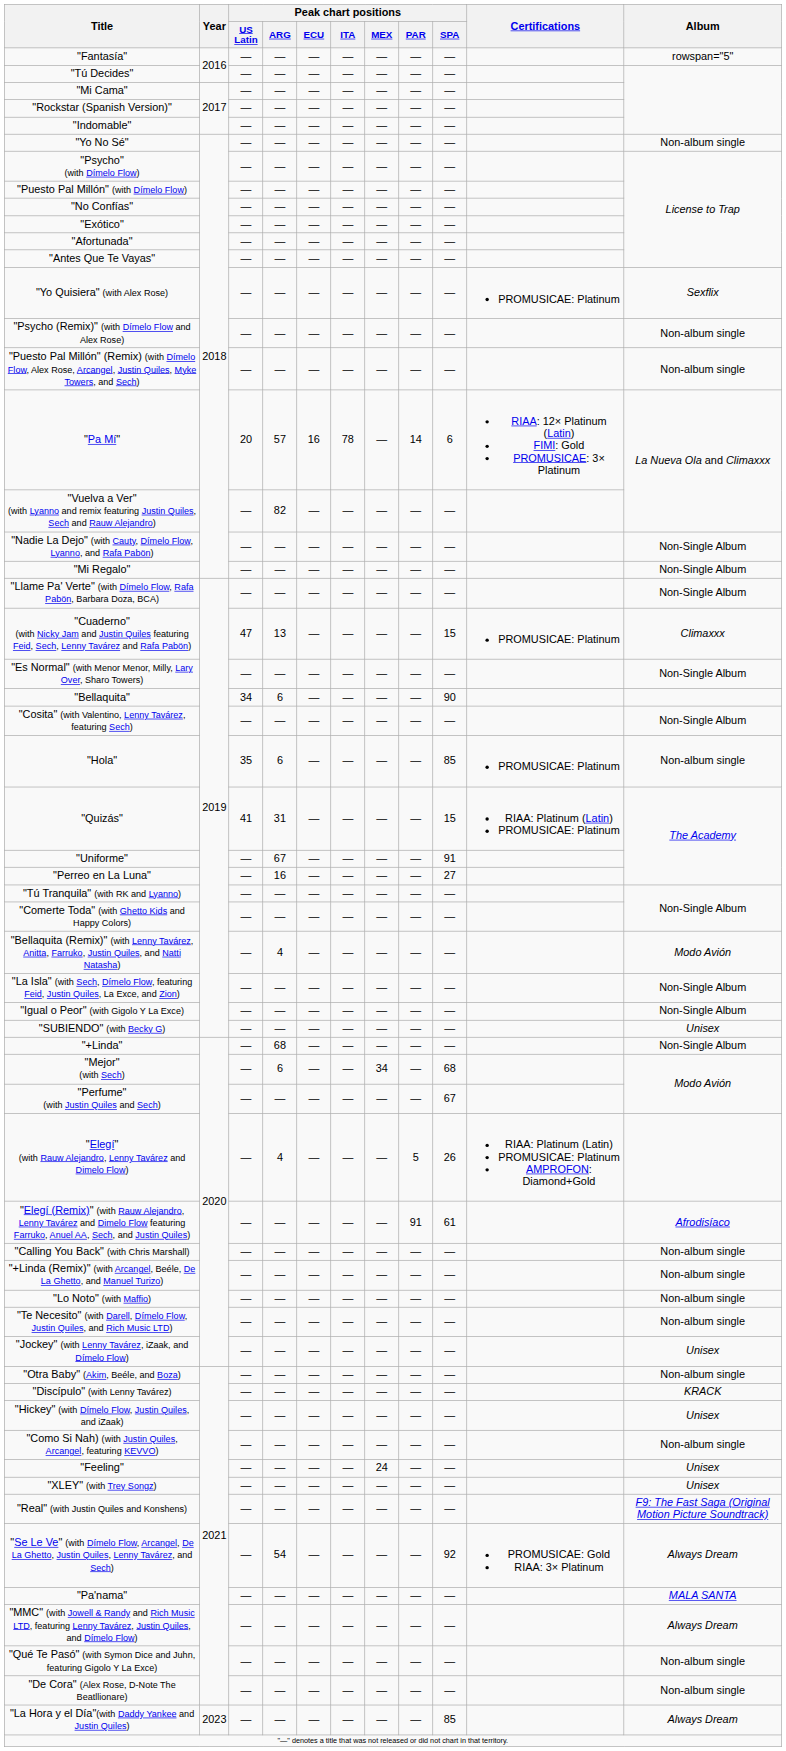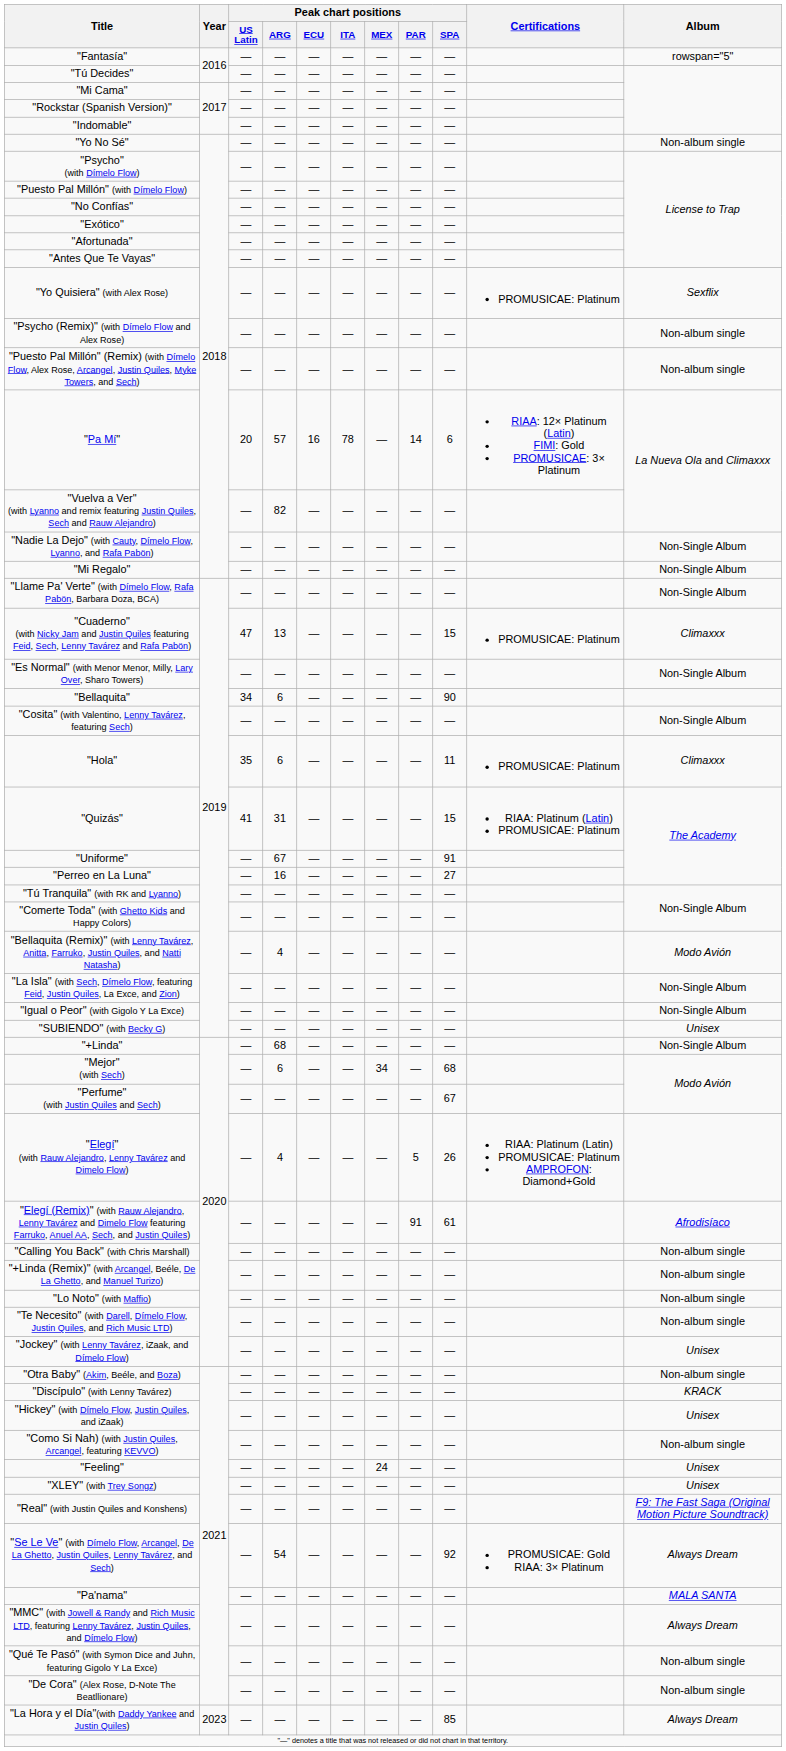 <table class="wikitable plainrowheaders" style="text-align:center;" border="1">
 <tr>
 <th scope="col" rowspan="2" style="width:17.5em;">Title</th>
 <th scope="col" rowspan="2" style="width:1em;">Year</th>
 <th scope="col" colspan="7">Peak chart positions</th>
 <th scope="col" rowspan="2" style="width:14em;"><a href='#'>Certifications</a></th>
 <th scope="col" rowspan="2" style="width:14em;">Album</th>
 </tr>
 <tr>
 <th scope="col" style="width:3em;font-size:90%;"><a href='#'>US<br>Latin</a><br></th>
 <th scope="col" style="width:3em;font-size:90%;"><a href='#'>ARG</a><br></th>
 <th scope="col" style="width:3em;font-size:90%;"><a href='#'>ECU</a><br></th>
 <th scope="col" style="width:3em;font-size:90%;"><a href='#'>ITA</a><br></th>
 <th scope="col" style="width:3em;font-size:90%;"><a href='#'>MEX</a><br></th>
 <th scope="col" style="width:3em;font-size:90%;"><a href='#'>PAR</a><br></th>
 <th scope="col" style="width:3em;font-size:90%;"><a href='#'>SPA</a><br></th>
 </tr>
 <tr>
 <td scope="row">"Fantasía"</td>
 <td rowspan="2">2016</td>
 <td>—</td>
 <td>—</td>
 <td>—</td>
 <td>—</td>
 <td>—</td>
 <td>—</td>
 <td>—</td>
 <td></td>
 <td>rowspan="5" </td>
 </tr>
 <tr>
 <td scope="row">"Tú Decides"</td>
 <td>—</td>
 <td>—</td>
 <td>—</td>
 <td>—</td>
 <td>—</td>
 <td>—</td>
 <td>—</td>
 <td></td>
 </tr>
 <tr>
 <td scope="row">"Mi Cama"</td>
 <td rowspan="3">2017</td>
 <td>—</td>
 <td>—</td>
 <td>—</td>
 <td>—</td>
 <td>—</td>
 <td>—</td>
 <td>—</td>
 <td></td>
 </tr>
 <tr>
 <td scope="row">"Rockstar (Spanish Version)"<br></td>
 <td>—</td>
 <td>—</td>
 <td>—</td>
 <td>—</td>
 <td>—</td>
 <td>—</td>
 <td>—</td>
 <td></td>
 </tr>
 <tr>
 <td>"Indomable"</td>
 <td>—</td>
 <td>—</td>
 <td>—</td>
 <td>—</td>
 <td>—</td>
 <td>—</td>
 <td>—</td>
 <td></td>
 </tr>
 <tr>
 <td scope="row">"Yo No Sé"</td>
 <td rowspan="14">2018</td>
 <td>—</td>
 <td>—</td>
 <td>—</td>
 <td>—</td>
 <td>—</td>
 <td>—</td>
 <td>—</td>
 <td></td>
 <td>Non-album single</td>
 </tr>
 <tr>
 <td scope="row">"Psycho"<br><small>(with <a href='#'>Dímelo Flow</a>)</small></td>
 <td>—</td>
 <td>—</td>
 <td>—</td>
 <td>—</td>
 <td>—</td>
 <td>—</td>
 <td>—</td>
 <td></td>
 <td rowspan="6"><em>License to Trap</em></td>
 </tr>
 <tr>
 <td scope="row">"Puesto Pal Millón" <small>(with <a href='#'>Dímelo Flow</a>)</small></td>
 <td>—</td>
 <td>—</td>
 <td>—</td>
 <td>—</td>
 <td>—</td>
 <td>—</td>
 <td>—</td>
 <td></td>
 </tr>
 <tr>
 <td scope="row">"No Confías"</td>
 <td>—</td>
 <td>—</td>
 <td>—</td>
 <td>—</td>
 <td>—</td>
 <td>—</td>
 <td>—</td>
 <td></td>
 </tr>
 <tr>
 <td scope="row">"Exótico"</td>
 <td>—</td>
 <td>—</td>
 <td>—</td>
 <td>—</td>
 <td>—</td>
 <td>—</td>
 <td>—</td>
 <td></td>
 </tr>
 <tr>
 <td scope="row">"Afortunada"</td>
 <td>—</td>
 <td>—</td>
 <td>—</td>
 <td>—</td>
 <td>—</td>
 <td>—</td>
 <td>—</td>
 <td></td>
 </tr>
 <tr>
 <td scope="row">"Antes Que Te Vayas"</td>
 <td>—</td>
 <td>—</td>
 <td>—</td>
 <td>—</td>
 <td>—</td>
 <td>—</td>
 <td>—</td>
 <td></td>
 </tr>
 <tr>
 <td>"Yo Quisiera" <small>(with Alex Rose)</small></td>
 <td>—</td>
 <td>—</td>
 <td>—</td>
 <td>—</td>
 <td>—</td>
 <td>—</td>
 <td>—</td>
 <td><br><ul><li>PROMUSICAE: Platinum</li></ul></td>
 <td><em>Sexflix</em></td>
 </tr>
 <tr>
 <td>"Psycho (Remix)" <small>(with <a href='#'>Dímelo Flow</a> and Alex Rose)</small></td>
 <td>—</td>
 <td>—</td>
 <td>—</td>
 <td>—</td>
 <td>—</td>
 <td>—</td>
 <td>—</td>
 <td></td>
 <td>Non-album single</td>
 </tr>
 <tr>
 <td>"Puesto Pal Millón" (Remix) <small>(with <a href='#'>Dímelo Flow</a>, Alex Rose, <a href='#'>Arcangel</a>, <a href='#'>Justin Quiles</a>, <a href='#'>Myke Towers</a>, and <a href='#'>Sech</a>)</small></td>
 <td>—</td>
 <td>—</td>
 <td>—</td>
 <td>—</td>
 <td>—</td>
 <td>—</td>
 <td>—</td>
 <td></td>
 <td>Non-album single</td>
 </tr>
 <tr>
 <td scope="row">"<a href='#'>Pa Mí</a>" <br></td>
 <td>20</td>
 <td>57</td>
 <td>16</td>
 <td>78</td>
 <td>— </td>
 <td>14</td>
 <td>6</td>
 <td><br><ul><li><a href='#'>RIAA</a>: 12× Platinum <span>(<a href='#'>Latin</a>)</span></li><li><a href='#'>FIMI</a>: Gold</li><li><a href='#'>PROMUSICAE</a>: 3× Platinum</li></ul></td>
 <td rowspan="2"><em>La Nueva Ola</em> and <em>Climaxxx</em></td>
 </tr>
 <tr>
 <td scope="row">"Vuelva a Ver"<br><small>(with <a href='#'>Lyanno</a> and remix featuring <a href='#'>Justin Quiles</a>, <a href='#'>Sech</a> and <a href='#'>Rauw Alejandro</a>)</small></td>
 <td>—</td>
 <td>82</td>
 <td>—</td>
 <td>—</td>
 <td>—</td>
 <td>—</td>
 <td>—</td>
 <td></td>
 </tr>
 <tr>
 <td>"Nadie La Dejo" <small>(with <a href='#'>Cauty</a>, <a href='#'>Dímelo Flow</a>, <a href='#'>Lyanno</a>, and <a href='#'>Rafa Pabön</a>)</small></td>
 <td>—</td>
 <td>—</td>
 <td>—</td>
 <td>—</td>
 <td>—</td>
 <td>—</td>
 <td>—</td>
 <td></td>
 <td>Non-Single Album</td>
 </tr>
 <tr>
 <td>"Mi Regalo"</td>
 <td>—</td>
 <td>—</td>
 <td>—</td>
 <td>—</td>
 <td>—</td>
 <td>—</td>
 <td>—</td>
 <td></td>
 <td>Non-Single Album</td>
 </tr>
 <tr>
 <td>"Llame Pa' Verte" <small>(with <a href='#'>Dímelo Flow</a>, <a href='#'>Rafa Pabön</a>, Barbara Doza, BCA)</small></td>
 <td rowspan="15">2019</td>
 <td>—</td>
 <td>—</td>
 <td>—</td>
 <td>—</td>
 <td>—</td>
 <td>—</td>
 <td>—</td>
 <td></td>
 <td>Non-Single Album</td>
 </tr>
 <tr>
 <td scope="row">"Cuaderno"<br><small>(with <a href='#'>Nicky Jam</a> and <a href='#'>Justin Quiles</a> featuring <a href='#'>Feid</a>, <a href='#'>Sech</a>, <a href='#'>Lenny Tavárez</a> and <a href='#'>Rafa Pabön</a>)</small></td>
 <td>47</td>
 <td>13</td>
 <td>—</td>
 <td>—</td>
 <td>—</td>
 <td>—</td>
 <td>15</td>
 <td><br><ul><li>PROMUSICAE: Platinum</li></ul></td>
 <td><em>Climaxxx</em></td>
 </tr>
 <tr>
 <td>"Es Normal" <small>(with Menor Menor, Milly, <a href='#'>Lary Over</a>, Sharo Towers)</small></td>
 <td>—</td>
 <td>—</td>
 <td>—</td>
 <td>—</td>
 <td>—</td>
 <td>—</td>
 <td>—</td>
 <td></td>
 <td>Non-Single Album</td>
 </tr>
 <tr>
 <td scope="row">"Bellaquita"<br></td>
 <td>34</td>
 <td>6</td>
 <td>—</td>
 <td>—</td>
 <td>—</td>
 <td>—</td>
 <td>90</td>
 <td></td>
 <td></td>
 </tr>
 <tr>
 <td>"Cosita" <small>(with Valentino, <a href='#'>Lenny Tavárez</a>, featuring <a href='#'>Sech</a>)</small></td>
 <td>—</td>
 <td>—</td>
 <td>—</td>
 <td>—</td>
 <td>—</td>
 <td>—</td>
 <td>—</td>
 <td></td>
 <td>Non-Single Album</td>
 </tr>
 <tr>
 <td scope="row">"Hola"<br></td>
 <td>35</td>
 <td>6</td>
 <td>—</td>
 <td>—</td>
 <td>—</td>
 <td>—</td>
-<td>85</td>
+<td>11</td>
 <td><br><ul><li>PROMUSICAE: Platinum</li></ul></td>
-<td>Non-album single</td>
+<td><em>Climaxxx</em></td>
 </tr>
 <tr>
 <td scope="row">"Quizás" </td>
 <td>41</td>
 <td>31</td>
 <td>—</td>
 <td>—</td>
 <td>—</td>
 <td>—</td>
 <td>15</td>
 <td><br><ul><li>RIAA: Platinum <span>(<a href='#'>Latin</a>)</span></li><li>PROMUSICAE: Platinum</li></ul></td>
 <td rowspan="3"><em><a href='#'>The Academy</a></em></td>
 </tr>
 <tr>
 <td scope="row">"Uniforme" </td>
 <td>—</td>
 <td>67</td>
 <td>—</td>
 <td>—</td>
 <td>—</td>
 <td>—</td>
 <td>91</td>
 <td></td>
 </tr>
 <tr>
 <td scope="row">"Perreo en La Luna" </td>
 <td>—</td>
 <td>16</td>
 <td>—</td>
 <td>—</td>
 <td>—</td>
 <td>—</td>
 <td>27</td>
 <td></td>
 </tr>
 <tr>
 <td>"Tú Tranquila" <small>(with RK and <a href='#'>Lyanno</a>)</small></td>
 <td>—</td>
 <td>—</td>
 <td>—</td>
 <td>—</td>
 <td>—</td>
 <td>—</td>
 <td>—</td>
 <td></td>
 <td rowspan="2">Non-Single Album</td>
 </tr>
 <tr>
 <td>"Comerte Toda" <small>(with <a href='#'>Ghetto Kids</a> and Happy Colors)</small></td>
 <td>—</td>
 <td>—</td>
 <td>—</td>
 <td>—</td>
 <td>—</td>
 <td>—</td>
 <td>—</td>
 <td></td>
 </tr>
 <tr>
 <td>"Bellaquita (Remix)" <small>(with <a href='#'>Lenny Tavárez</a>, <a href='#'>Anitta</a>, <a href='#'>Farruko</a>, <a href='#'>Justin Quiles</a>, and <a href='#'>Natti Natasha</a>)</small></td>
 <td>—</td>
 <td>4</td>
 <td>—</td>
 <td>—</td>
 <td>—</td>
 <td>—</td>
 <td>—</td>
 <td></td>
 <td><em>Modo Avión</em></td>
 </tr>
 <tr>
 <td>"La Isla" <small>(with <a href='#'>Sech</a>, <a href='#'>Dímelo Flow</a>, featuring <a href='#'>Feid</a>, <a href='#'>Justin Quiles</a>, La Exce, and <a href='#'>Zion</a>)</small></td>
 <td>—</td>
 <td>—</td>
 <td>—</td>
 <td>—</td>
 <td>—</td>
 <td>—</td>
 <td>—</td>
 <td></td>
 <td>Non-Single Album</td>
 </tr>
 <tr>
 <td>"Igual o Peor" <small>(with Gigolo Y La Exce)</small></td>
 <td>—</td>
 <td>—</td>
 <td>—</td>
 <td>—</td>
 <td>—</td>
 <td>—</td>
 <td>—</td>
 <td></td>
 <td>Non-Single Album</td>
 </tr>
 <tr>
 <td>"SUBIENDO" <small>(with <a href='#'>Becky G</a>)</small></td>
 <td>—</td>
 <td>—</td>
 <td>—</td>
 <td>—</td>
 <td>—</td>
 <td>—</td>
 <td>—</td>
 <td></td>
 <td><em>Unisex</em></td>
 </tr>
 <tr>
 <td>"+Linda"</td>
 <td rowspan="10">2020</td>
 <td>—</td>
 <td>68</td>
 <td>—</td>
 <td>—</td>
 <td>—</td>
 <td>—</td>
 <td>—</td>
 <td></td>
 <td>Non-Single Album</td>
 </tr>
 <tr>
 <td scope="row">"Mejor"<br><small>(with <a href='#'>Sech</a>)</small></td>
 <td>—</td>
 <td>6</td>
 <td>—</td>
 <td>—</td>
 <td>34</td>
 <td>—</td>
 <td>68<br></td>
 <td></td>
 <td rowspan="2"><em>Modo Avión</em></td>
 </tr>
 <tr>
 <td scope="row">"Perfume"<br><small>(with <a href='#'>Justin Quiles</a> and <a href='#'>Sech</a>)</small></td>
 <td>—</td>
 <td>—</td>
 <td>—</td>
 <td>—</td>
 <td>—</td>
 <td>—</td>
 <td>67<br></td>
 <td></td>
 </tr>
 <tr>
 <td scope="row">"<a href='#'>Elegí</a>"<br><small>(with <a href='#'>Rauw Alejandro</a>, <a href='#'>Lenny Tavárez</a> and <a href='#'>Dimelo Flow</a>)</small></td>
 <td>—</td>
 <td>4</td>
 <td>—</td>
 <td>—</td>
 <td>—</td>
 <td>5</td>
 <td>26<br></td>
 <td><br><ul><li>RIAA: Platinum <span>(Latin)</span></li><li>PROMUSICAE: Platinum</li><li><a href='#'>AMPROFON</a>: Diamond+Gold</li></ul></td>
 <td></td>
 </tr>
 <tr>
 <td>"<a href='#'>Elegí (Remix)</a>" <small>(with <a href='#'>Rauw Alejandro</a>, <a href='#'>Lenny Tavárez</a> and <a href='#'>Dimelo Flow</a> featuring <a href='#'>Farruko</a>, <a href='#'>Anuel AA</a>, <a href='#'>Sech</a>, and <a href='#'>Justin Quiles</a>)</small></td>
 <td>—</td>
 <td>—</td>
 <td>—</td>
 <td>—</td>
 <td>—</td>
 <td>91</td>
 <td>61</td>
 <td></td>
 <td><em><a href='#'>Afrodisíaco</a></em></td>
 </tr>
 <tr>
 <td>"Calling You Back" <small>(with Chris Marshall)</small></td>
 <td>—</td>
 <td>—</td>
 <td>—</td>
 <td>—</td>
 <td>—</td>
 <td>—</td>
 <td>—</td>
 <td></td>
 <td>Non-album single</td>
 </tr>
 <tr>
 <td>"+Linda (Remix)" <small>(with <a href='#'>Arcangel</a>, Beéle, <a href='#'>De La Ghetto</a>, and <a href='#'>Manuel Turizo</a>)</small></td>
 <td>—</td>
 <td>—</td>
 <td>—</td>
 <td>—</td>
 <td>—</td>
 <td>—</td>
 <td>—</td>
 <td></td>
 <td>Non-album single</td>
 </tr>
 <tr>
 <td>"Lo Noto" <small>(with <a href='#'>Maffio</a>)</small></td>
 <td>—</td>
 <td>—</td>
 <td>—</td>
 <td>—</td>
 <td>—</td>
 <td>—</td>
 <td>—</td>
 <td></td>
 <td>Non-album single</td>
 </tr>
 <tr>
 <td>"Te Necesito" <small>(with <a href='#'>Darell</a>, <a href='#'>Dímelo Flow</a>, <a href='#'>Justin Quiles</a>, and <a href='#'>Rich Music LTD</a>)</small></td>
 <td>—</td>
 <td>—</td>
 <td>—</td>
 <td>—</td>
 <td>—</td>
 <td>—</td>
 <td>—</td>
 <td></td>
 <td>Non-album single</td>
 </tr>
 <tr>
 <td>"Jockey" <small>(with <a href='#'>Lenny Tavárez</a>, iZaak, and <a href='#'>Dímelo Flow</a>)</small></td>
 <td>—</td>
 <td>—</td>
 <td>—</td>
 <td>—</td>
 <td>—</td>
 <td>—</td>
 <td>—</td>
 <td></td>
 <td><em>Unisex</em></td>
 </tr>
 <tr>
 <td>"Otra Baby" <small>(<a href='#'>Akim</a>, Beéle, and <a href='#'>Boza</a>)</small></td>
 <td rowspan="12">2021</td>
 <td>—</td>
 <td>—</td>
 <td>—</td>
 <td>—</td>
 <td>—</td>
 <td>—</td>
 <td>—</td>
 <td></td>
 <td>Non-album single</td>
 </tr>
 <tr>
 <td>"Discípulo" <small>(with Lenny Tavárez)</small></td>
 <td>—</td>
 <td>—</td>
 <td>—</td>
 <td>—</td>
 <td>—</td>
 <td>—</td>
 <td>—</td>
 <td></td>
 <td><em>KRACK</em></td>
 </tr>
 <tr>
 <td>"Hickey" <small>(with <a href='#'>Dímelo Flow</a>, <a href='#'>Justin Quiles</a>, and iZaak)</small></td>
 <td>—</td>
 <td>—</td>
 <td>—</td>
 <td>—</td>
 <td>—</td>
 <td>—</td>
 <td>—</td>
 <td></td>
 <td><em>Unisex</em></td>
 </tr>
 <tr>
 <td>"Como Si Nah) <small>(with <a href='#'>Justin Quiles</a>, <a href='#'>Arcangel</a>, featuring <a href='#'>KEVVO</a>)</small></td>
 <td>—</td>
 <td>—</td>
 <td>—</td>
 <td>—</td>
 <td>—</td>
 <td>—</td>
 <td>—</td>
 <td></td>
 <td>Non-album single</td>
 </tr>
 <tr>
 <td>"Feeling"</td>
 <td>—</td>
 <td>—</td>
 <td>—</td>
 <td>—</td>
 <td>24</td>
 <td>—</td>
 <td>—</td>
 <td></td>
 <td><em>Unisex</em></td>
 </tr>
 <tr>
 <td>"XLEY" <small>(with <a href='#'>Trey Songz</a>)</small></td>
 <td>—</td>
 <td>—</td>
 <td>—</td>
 <td>—</td>
 <td>—</td>
 <td>—</td>
 <td>—</td>
 <td></td>
 <td><em>Unisex</em></td>
 </tr>
 <tr>
 <td>"Real" <small>(with Justin Quiles and Konshens)</small></td>
 <td>—</td>
 <td>—</td>
 <td>—</td>
 <td>—</td>
 <td>—</td>
 <td>—</td>
 <td>—</td>
 <td></td>
 <td><em><a href='#'>F9: The Fast Saga (Original Motion Picture Soundtrack)</a></em></td>
 </tr>
 <tr>
 <td>"<a href='#'>Se Le Ve</a>" <small>(with <a href='#'>Dímelo Flow</a>, <a href='#'>Arcangel</a>, <a href='#'>De La Ghetto</a>, <a href='#'>Justin Quiles</a>, <a href='#'>Lenny Tavárez</a>, and <a href='#'>Sech</a>)</small></td>
 <td>—</td>
 <td>54</td>
 <td>—</td>
 <td>—</td>
 <td>—</td>
 <td>—</td>
 <td>92</td>
 <td><br><ul><li>PROMUSICAE: Gold</li><li>RIAA: 3× Platinum </li></ul></td>
 <td><em>Always Dream</em></td>
 </tr>
 <tr>
 <td>"Pa'nama"</td>
 <td>—</td>
 <td>—</td>
 <td>—</td>
 <td>—</td>
 <td>—</td>
 <td>—</td>
 <td>—</td>
 <td></td>
 <td><a href='#'><em>MALA SANTA</em></a></td>
 </tr>
 <tr>
 <td>"MMC" <small>(with <a href='#'>Jowell & Randy</a> and <a href='#'>Rich Music LTD</a>, featuring <a href='#'>Lenny Tavárez</a>, <a href='#'>Justin Quiles</a>, and <a href='#'>Dímelo Flow</a>)</small></td>
 <td>—</td>
 <td>—</td>
 <td>—</td>
 <td>—</td>
 <td>—</td>
 <td>—</td>
 <td>—</td>
 <td></td>
 <td><em>Always Dream</em></td>
 </tr>
 <tr>
 <td>"Qué Te Pasó" <small>(with Symon Dice and Juhn, featuring Gigolo Y La Exce)</small></td>
 <td>—</td>
 <td>—</td>
 <td>—</td>
 <td>—</td>
 <td>—</td>
 <td>—</td>
 <td>—</td>
 <td></td>
 <td>Non-album single</td>
 </tr>
 <tr>
 <td>"De Cora" <small>(Alex Rose, D-Note The Beatllionare)</small></td>
 <td>—</td>
 <td>—</td>
 <td>—</td>
 <td>—</td>
 <td>—</td>
 <td>—</td>
 <td>—</td>
 <td></td>
 <td>Non-album single</td>
 </tr>
 <tr>
 <td>"La Hora y el Día"<small>(with <a href='#'>Daddy Yankee</a> and <a href='#'>Justin Quiles</a>)</small></td>
 <td>2023</td>
 <td>—</td>
 <td>—</td>
 <td>—</td>
 <td>—</td>
 <td>—</td>
 <td>—</td>
 <td>85</td>
 <td></td>
 <td><em>Always Dream</em></td>
 </tr>
 <tr>
 <td colspan="14" style="font-size:8pt;">"—" denotes a title that was not released or did not chart in that territory.</td>
 </tr>
 </table>
